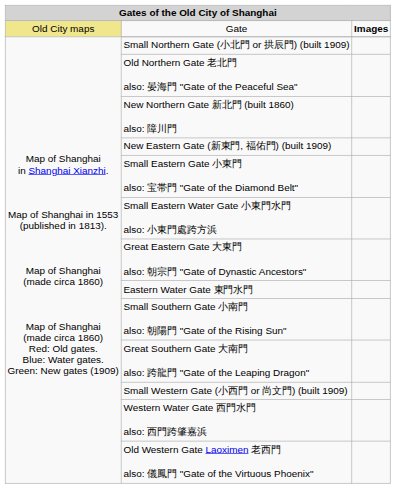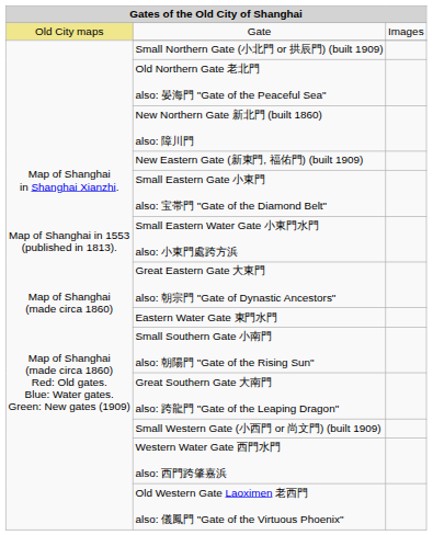 <table class="wikitable" align="left" style="margin-left: 1em;" style="font-size: 80%;">
 <tr>
 <td colspan="4" align="center" cellspacing="0" style="background:lightgrey; color:black"><strong>Gates of the Old City of Shanghai</strong></td>
 </tr>
 <tr>
 <td align=center rowspan=1 colspan=1 style="background: khaki;">Old City maps</td>
 <td align=center rowspan=1>Gate</td>
-<td colspan="1" align=center><strong>Images</strong></td>
+<td colspan="1" align=center>Images</td>
 </tr>
 <tr>
 <td rowspan=14 align=center><br>Map of Shanghai<br>in <a href='#'>Shanghai Xianzhi</a>.<br><br><br><br>Map of Shanghai in 1553<br>(published in 1813).<br><br><br><br>Map of Shanghai<br>(made circa 1860)<br><br><br><br>Map of Shanghai<br>(made circa 1860)<br>Red: Old gates.<br>Blue: Water gates.<br>Green: New gates (1909)</td>
 </tr>
 <tr>
 <td>Small Northern Gate (小北門 or 拱辰門) (built 1909)</td>
 <td align=center></td>
 </tr>
 <tr>
 <td>Old Northern Gate 老北門<br><br>also: 晏海門 "Gate of the Peaceful Sea"</td>
 <td align=center></td>
 </tr>
 <tr>
 <td>New Northern Gate 新北門 (built 1860)<br><br>also: 障川門</td>
 <td align=center></td>
 </tr>
 <tr>
 <td>New Eastern Gate (新東門, 福佑門) (built 1909)</td>
 </tr>
 <tr>
 <td>Small Eastern Gate 小東門<br><br>also: 宝帯門 "Gate of the Diamond Belt"</td>
 <td align=center></td>
 </tr>
 <tr>
 <td>Small Eastern Water Gate 小東門水門<br><br>also: 小東門處跨方浜</td>
 <td align=center></td>
 </tr>
 <tr>
 <td>Great Eastern Gate 大東門<br><br>also: 朝宗門 "Gate of Dynastic Ancestors"</td>
 <td></td>
 </tr>
 <tr>
 <td>Eastern Water Gate 東門水門</td>
 <td align=center></td>
 </tr>
 <tr>
 <td>Small Southern Gate 小南門<br><br>also: 朝陽門 "Gate of the Rising Sun"</td>
 <td></td>
 </tr>
 <tr>
 <td>Great Southern Gate 大南門<br><br>also: 跨龍門 "Gate of the Leaping Dragon"</td>
 <td></td>
 </tr>
 <tr>
 <td>Small Western Gate (小西門 or 尚文門) (built 1909)</td>
 <td></td>
 </tr>
 <tr>
 <td>Western Water Gate 西門水門<br><br>also: 西門跨肇嘉浜</td>
 <td></td>
 </tr>
 <tr>
 <td>Old Western Gate <a href='#'>Laoximen</a> 老西門<br><br>also: 儀鳳門 "Gate of the Virtuous Phoenix"</td>
 <td align=center></td>
 </tr>
 </table>
